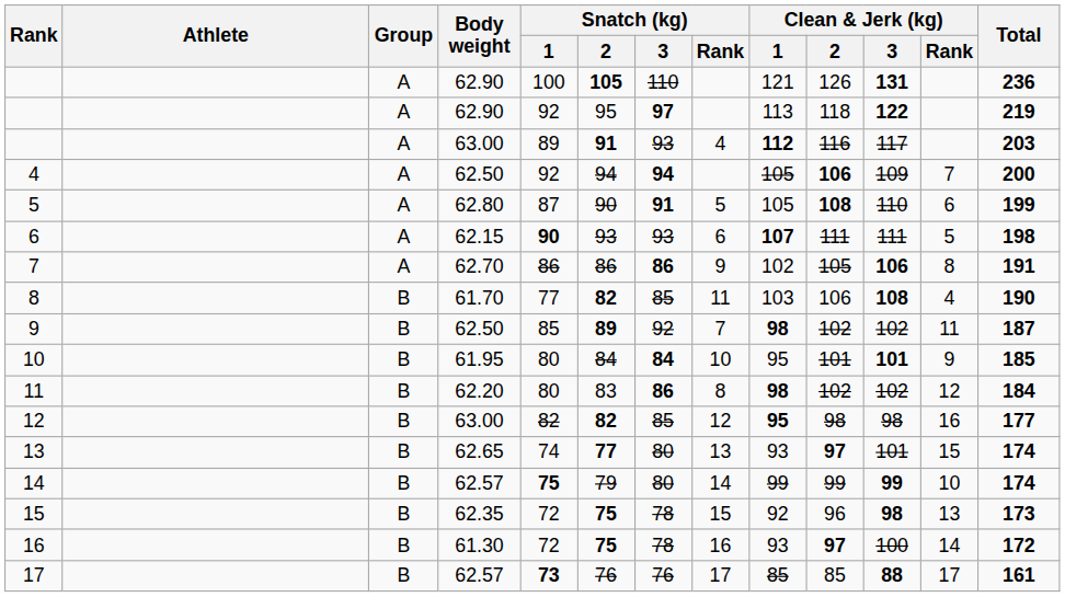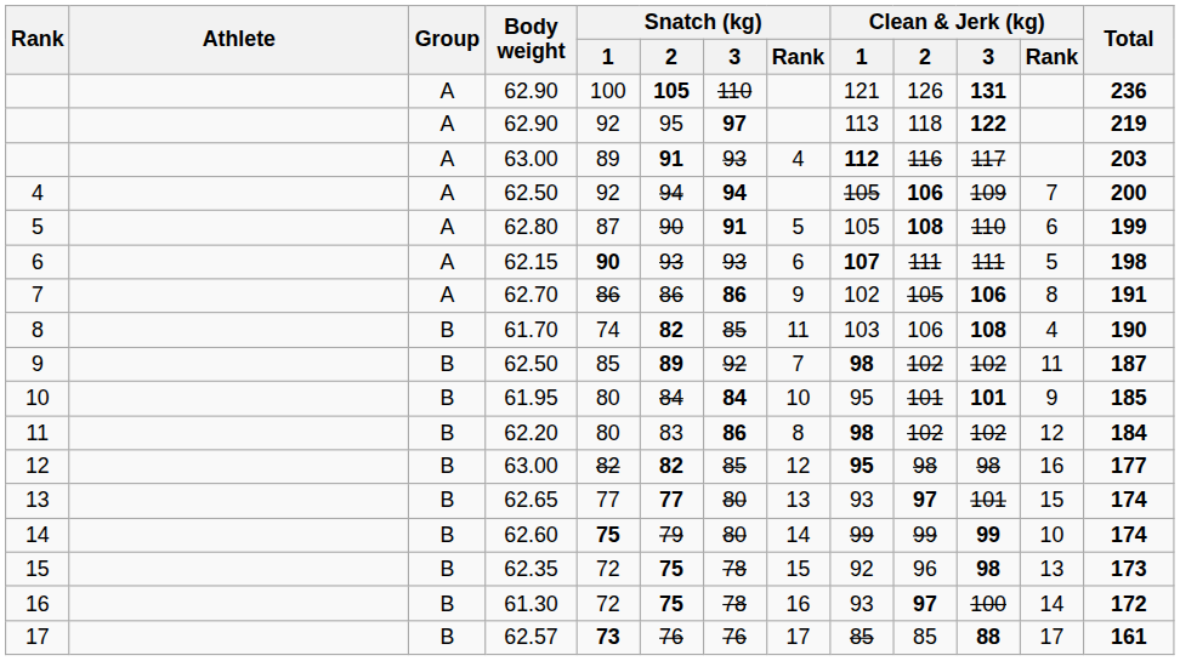 <table class = "wikitable" style="text-align:center;">
 <tr>
 <th rowspan=2 width=40>Rank</th>
 <th rowspan=2 width=250>Athlete</th>
 <th rowspan=2 width=50>Group</th>
 <th rowspan=2 width=60>Body weight</th>
 <th colspan=4>Snatch (kg)</th>
 <th colspan=4>Clean & Jerk (kg)</th>
 <th rowspan=2 width=60>Total</th>
 </tr>
 <tr>
 <th width=40>1</th>
 <th width=40>2</th>
 <th width=40>3</th>
 <th width=40>Rank</th>
 <th width=40>1</th>
 <th width=40>2</th>
 <th width=40>3</th>
 <th width=40>Rank</th>
 </tr>
 <tr>
 <td></td>
 <td align=left></td>
 <td>A</td>
 <td>62.90</td>
 <td>100</td>
 <td><strong>105</strong></td>
 <td><s>110</s></td>
 <td></td>
 <td>121</td>
 <td>126</td>
 <td><strong>131</strong></td>
 <td></td>
 <td><strong>236</strong></td>
 </tr>
 <tr>
 <td></td>
 <td align=left></td>
 <td>A</td>
 <td>62.90</td>
 <td>92</td>
 <td>95</td>
 <td><strong>97</strong></td>
 <td></td>
 <td>113</td>
 <td>118</td>
 <td><strong>122</strong></td>
 <td></td>
 <td><strong>219</strong></td>
 </tr>
 <tr>
 <td></td>
 <td align=left></td>
 <td>A</td>
 <td>63.00</td>
 <td>89</td>
 <td><strong>91</strong></td>
 <td><s>93</s></td>
 <td>4</td>
 <td><strong>112</strong></td>
 <td><s>116</s></td>
 <td><s>117</s></td>
 <td></td>
 <td><strong>203</strong></td>
 </tr>
 <tr>
 <td>4</td>
 <td align=left></td>
 <td>A</td>
 <td>62.50</td>
 <td>92</td>
 <td><s>94</s></td>
 <td><strong>94</strong></td>
 <td></td>
 <td><s>105</s></td>
 <td><strong>106</strong></td>
 <td><s>109</s></td>
 <td>7</td>
 <td><strong>200</strong></td>
 </tr>
 <tr>
 <td>5</td>
 <td align=left></td>
 <td>A</td>
 <td>62.80</td>
 <td>87</td>
 <td><s>90</s></td>
 <td><strong>91</strong></td>
 <td>5</td>
 <td>105</td>
 <td><strong>108</strong></td>
 <td><s>110</s></td>
 <td>6</td>
 <td><strong>199</strong></td>
 </tr>
 <tr>
 <td>6</td>
 <td align=left></td>
 <td>A</td>
 <td>62.15</td>
 <td><strong>90</strong></td>
 <td><s>93</s></td>
 <td><s>93</s></td>
 <td>6</td>
 <td><strong>107</strong></td>
 <td><s>111</s></td>
 <td><s>111</s></td>
 <td>5</td>
 <td><strong>198</strong></td>
 </tr>
 <tr>
 <td>7</td>
 <td align=left></td>
 <td>A</td>
 <td>62.70</td>
 <td><s>86</s></td>
 <td><s>86</s></td>
 <td><strong>86</strong></td>
 <td>9</td>
 <td>102</td>
 <td><s>105</s></td>
 <td><strong>106</strong></td>
 <td>8</td>
 <td><strong>191</strong></td>
 </tr>
 <tr>
 <td>8</td>
 <td align=left></td>
 <td>B</td>
 <td>61.70</td>
-<td>77</td>
+<td>74</td>
 <td><strong>82</strong></td>
 <td><s>85</s></td>
 <td>11</td>
 <td>103</td>
 <td>106</td>
 <td><strong>108</strong></td>
 <td>4</td>
 <td><strong>190</strong></td>
 </tr>
 <tr>
 <td>9</td>
 <td align=left></td>
 <td>B</td>
 <td>62.50</td>
 <td>85</td>
 <td><strong>89</strong></td>
 <td><s>92</s></td>
 <td>7</td>
 <td><strong>98</strong></td>
 <td><s>102</s></td>
 <td><s>102</s></td>
 <td>11</td>
 <td><strong>187</strong></td>
 </tr>
 <tr>
 <td>10</td>
 <td align=left></td>
 <td>B</td>
 <td>61.95</td>
 <td>80</td>
 <td><s>84</s></td>
 <td><strong>84</strong></td>
 <td>10</td>
 <td>95</td>
 <td><s>101</s></td>
 <td><strong>101</strong></td>
 <td>9</td>
 <td><strong>185</strong></td>
 </tr>
 <tr>
 <td>11</td>
 <td align=left></td>
 <td>B</td>
 <td>62.20</td>
 <td>80</td>
 <td>83</td>
 <td><strong>86</strong></td>
 <td>8</td>
 <td><strong>98</strong></td>
 <td><s>102</s></td>
 <td><s>102</s></td>
 <td>12</td>
 <td><strong>184</strong></td>
 </tr>
 <tr>
 <td>12</td>
 <td align=left></td>
 <td>B</td>
 <td>63.00</td>
 <td><s>82</s></td>
 <td><strong>82</strong></td>
 <td><s>85</s></td>
 <td>12</td>
 <td><strong>95</strong></td>
 <td><s>98</s></td>
 <td><s>98</s></td>
 <td>16</td>
 <td><strong>177</strong></td>
 </tr>
 <tr>
 <td>13</td>
 <td align=left></td>
 <td>B</td>
 <td>62.65</td>
-<td>74</td>
+<td>77</td>
 <td><strong>77</strong></td>
 <td><s>80</s></td>
 <td>13</td>
 <td>93</td>
 <td><strong>97</strong></td>
 <td><s>101</s></td>
 <td>15</td>
 <td><strong>174</strong></td>
 </tr>
 <tr>
 <td>14</td>
 <td align=left></td>
 <td>B</td>
-<td>62.57</td>
+<td>62.60</td>
 <td><strong>75</strong></td>
 <td><s>79</s></td>
 <td><s>80</s></td>
 <td>14</td>
 <td><s>99</s></td>
 <td><s>99</s></td>
 <td><strong>99</strong></td>
 <td>10</td>
 <td><strong>174</strong></td>
 </tr>
 <tr>
 <td>15</td>
 <td align=left></td>
 <td>B</td>
 <td>62.35</td>
 <td>72</td>
 <td><strong>75</strong></td>
 <td><s>78</s></td>
 <td>15</td>
 <td>92</td>
 <td>96</td>
 <td><strong>98</strong></td>
 <td>13</td>
 <td><strong>173</strong></td>
 </tr>
 <tr>
 <td>16</td>
 <td align=left></td>
 <td>B</td>
 <td>61.30</td>
 <td>72</td>
 <td><strong>75</strong></td>
 <td><s>78</s></td>
 <td>16</td>
 <td>93</td>
 <td><strong>97</strong></td>
 <td><s>100</s></td>
 <td>14</td>
 <td><strong>172</strong></td>
 </tr>
 <tr>
 <td>17</td>
 <td align=left></td>
 <td>B</td>
 <td>62.57</td>
 <td><strong>73</strong></td>
 <td><s>76</s></td>
 <td><s>76</s></td>
 <td>17</td>
 <td><s>85</s></td>
 <td>85</td>
 <td><strong>88</strong></td>
 <td>17</td>
 <td><strong>161</strong></td>
 </tr>
 </table>
